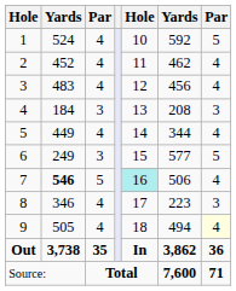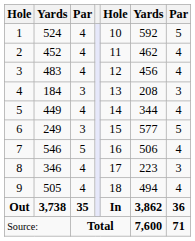 <table class="wikitable" style="text-align:center; font-size:100%">
 <tr>
 <th>Hole</th>
 <th>Yards</th>
 <th>Par</th>
 <th></th>
 <th>Hole</th>
 <th>Yards</th>
 <th>Par</th>
 </tr>
 <tr>
 <td>1</td>
 <td>524</td>
 <td>4</td>
 <td rowspan=10 style="background:#E6E8FA;"></td>
 <td>10</td>
 <td>592</td>
 <td>5</td>
 </tr>
 <tr>
 <td>2</td>
 <td>452</td>
 <td>4</td>
 <td>11</td>
 <td>462</td>
 <td>4</td>
 </tr>
 <tr>
 <td>3</td>
 <td>483</td>
 <td>4</td>
 <td>12</td>
 <td>456</td>
 <td>4</td>
 </tr>
 <tr>
 <td>4</td>
 <td>184</td>
 <td>3</td>
 <td>13</td>
 <td>208</td>
 <td>3</td>
 </tr>
 <tr>
 <td>5</td>
 <td>449</td>
 <td>4</td>
 <td>14</td>
 <td>344</td>
 <td>4</td>
 </tr>
 <tr>
 <td>6</td>
 <td>249</td>
 <td>3</td>
 <td>15</td>
 <td>577</td>
 <td>5</td>
 </tr>
 <tr>
 <td>7</td>
-<td><strong>546</strong></td>
+<td>546</td>
 <td>5</td>
-<td style="background: paleturquoise;">16</td>
+<td>16</td>
 <td>506</td>
 <td>4</td>
 </tr>
 <tr>
 <td>8</td>
 <td>346</td>
 <td>4</td>
 <td>17</td>
 <td>223</td>
 <td>3</td>
 </tr>
 <tr>
 <td>9</td>
 <td>505</td>
 <td>4</td>
 <td>18</td>
 <td>494</td>
-<td style="background: lightyellow;">4</td>
+<td>4</td>
 </tr>
 <tr>
 <td><strong>Out</strong></td>
 <td><strong>3,738</strong></td>
 <td><strong>35</strong></td>
 <td><strong>In</strong></td>
 <td><strong>3,862</strong></td>
 <td><strong>36</strong></td>
 </tr>
 <tr>
 <td colspan=2 align=left><small>Source:</small></td>
 <td colspan=3><strong>Total</strong></td>
 <td><strong>7,600</strong></td>
 <td><strong>71</strong></td>
 </tr>
 </table>
